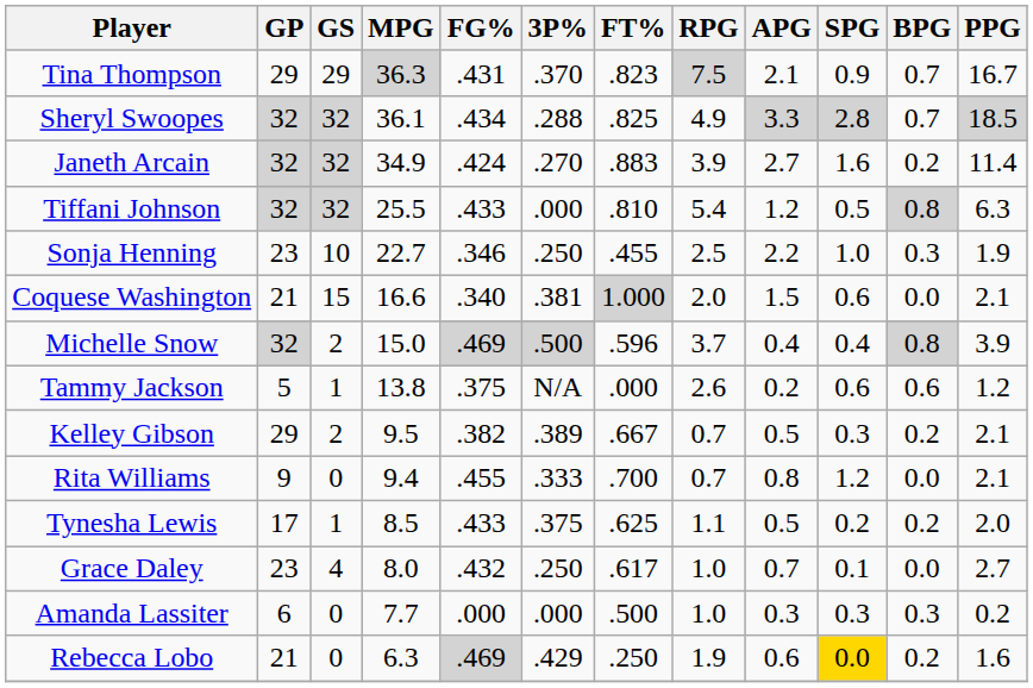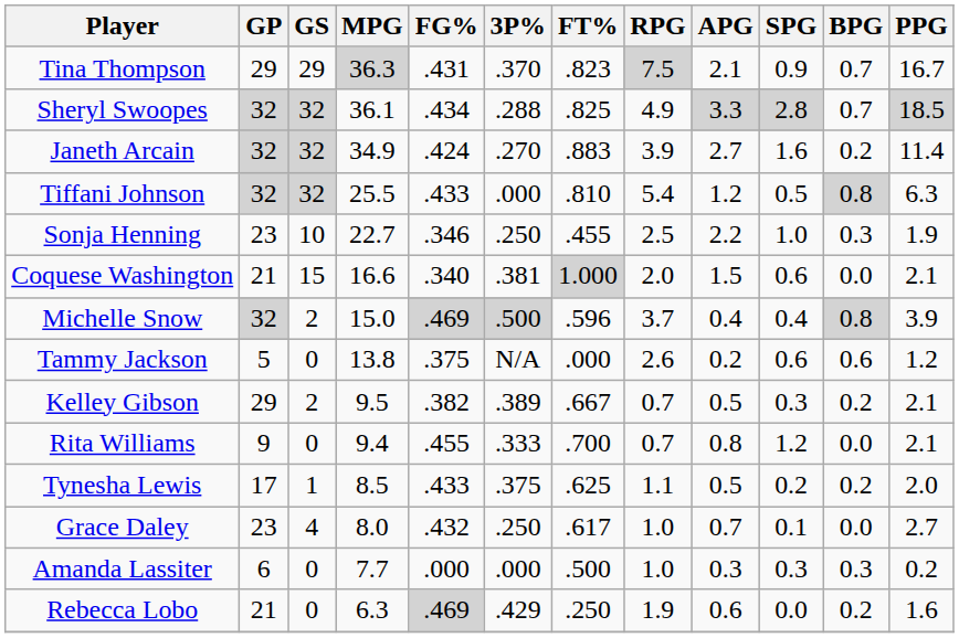 <table class="wikitable sortable" style="text-align:center;">
 <tr>
 <th>Player</th>
 <th>GP</th>
 <th>GS</th>
 <th>MPG</th>
 <th>FG%</th>
 <th>3P%</th>
 <th>FT%</th>
 <th>RPG</th>
 <th>APG</th>
 <th>SPG</th>
 <th>BPG</th>
 <th>PPG</th>
 </tr>
 <tr>
 <td><a href='#'>Tina Thompson</a></td>
 <td>29</td>
 <td>29</td>
 <td style="background:#D3D3D3;">36.3</td>
 <td>.431</td>
 <td>.370</td>
 <td>.823</td>
 <td style="background:#D3D3D3;">7.5</td>
 <td>2.1</td>
 <td>0.9</td>
 <td>0.7</td>
 <td>16.7</td>
 </tr>
 <tr>
 <td><a href='#'>Sheryl Swoopes</a></td>
 <td style="background:#D3D3D3;">32</td>
 <td style="background:#D3D3D3;">32</td>
 <td>36.1</td>
 <td>.434</td>
 <td>.288</td>
 <td>.825</td>
 <td>4.9</td>
 <td style="background:#D3D3D3;">3.3</td>
 <td style="background:#D3D3D3;">2.8</td>
 <td>0.7</td>
 <td style="background:#D3D3D3;">18.5</td>
 </tr>
 <tr>
 <td><a href='#'>Janeth Arcain</a></td>
 <td style="background:#D3D3D3;">32</td>
 <td style="background:#D3D3D3;">32</td>
 <td>34.9</td>
 <td>.424</td>
 <td>.270</td>
 <td>.883</td>
 <td>3.9</td>
 <td>2.7</td>
 <td>1.6</td>
 <td>0.2</td>
 <td>11.4</td>
 </tr>
 <tr>
 <td><a href='#'>Tiffani Johnson</a></td>
 <td style="background:#D3D3D3;">32</td>
 <td style="background:#D3D3D3;">32</td>
 <td>25.5</td>
 <td>.433</td>
 <td>.000</td>
 <td>.810</td>
 <td>5.4</td>
 <td>1.2</td>
 <td>0.5</td>
 <td style="background:#D3D3D3;">0.8</td>
 <td>6.3</td>
 </tr>
 <tr>
 <td><a href='#'>Sonja Henning</a></td>
 <td>23</td>
 <td>10</td>
 <td>22.7</td>
 <td>.346</td>
 <td>.250</td>
 <td>.455</td>
 <td>2.5</td>
 <td>2.2</td>
 <td>1.0</td>
 <td>0.3</td>
 <td>1.9</td>
 </tr>
 <tr>
 <td><a href='#'>Coquese Washington</a></td>
 <td>21</td>
 <td>15</td>
 <td>16.6</td>
 <td>.340</td>
 <td>.381</td>
 <td style="background:#D3D3D3;">1.000</td>
 <td>2.0</td>
 <td>1.5</td>
 <td>0.6</td>
 <td>0.0</td>
 <td>2.1</td>
 </tr>
 <tr>
 <td><a href='#'>Michelle Snow</a></td>
 <td style="background:#D3D3D3;">32</td>
 <td>2</td>
 <td>15.0</td>
 <td style="background:#D3D3D3;">.469</td>
 <td style="background:#D3D3D3;">.500</td>
 <td>.596</td>
 <td>3.7</td>
 <td>0.4</td>
 <td>0.4</td>
 <td style="background:#D3D3D3;">0.8</td>
 <td>3.9</td>
 </tr>
 <tr>
 <td><a href='#'>Tammy Jackson</a></td>
 <td>5</td>
-<td>1</td>
+<td>0</td>
 <td>13.8</td>
 <td>.375</td>
 <td>N/A</td>
 <td>.000</td>
 <td>2.6</td>
 <td>0.2</td>
 <td>0.6</td>
 <td>0.6</td>
 <td>1.2</td>
 </tr>
 <tr>
 <td><a href='#'>Kelley Gibson</a></td>
 <td>29</td>
 <td>2</td>
 <td>9.5</td>
 <td>.382</td>
 <td>.389</td>
 <td>.667</td>
 <td>0.7</td>
 <td>0.5</td>
 <td>0.3</td>
 <td>0.2</td>
 <td>2.1</td>
 </tr>
 <tr>
 <td><a href='#'>Rita Williams</a></td>
 <td>9</td>
 <td>0</td>
 <td>9.4</td>
 <td>.455</td>
 <td>.333</td>
 <td>.700</td>
 <td>0.7</td>
 <td>0.8</td>
 <td>1.2</td>
 <td>0.0</td>
 <td>2.1</td>
 </tr>
 <tr>
 <td><a href='#'>Tynesha Lewis</a></td>
 <td>17</td>
 <td>1</td>
 <td>8.5</td>
 <td>.433</td>
 <td>.375</td>
 <td>.625</td>
 <td>1.1</td>
 <td>0.5</td>
 <td>0.2</td>
 <td>0.2</td>
 <td>2.0</td>
 </tr>
 <tr>
 <td><a href='#'>Grace Daley</a></td>
 <td>23</td>
 <td>4</td>
 <td>8.0</td>
 <td>.432</td>
 <td>.250</td>
 <td>.617</td>
 <td>1.0</td>
 <td>0.7</td>
 <td>0.1</td>
 <td>0.0</td>
 <td>2.7</td>
 </tr>
 <tr>
 <td><a href='#'>Amanda Lassiter</a></td>
 <td>6</td>
 <td>0</td>
 <td>7.7</td>
 <td>.000</td>
 <td>.000</td>
 <td>.500</td>
 <td>1.0</td>
 <td>0.3</td>
 <td>0.3</td>
 <td>0.3</td>
 <td>0.2</td>
 </tr>
 <tr>
 <td><a href='#'>Rebecca Lobo</a></td>
 <td>21</td>
 <td>0</td>
 <td>6.3</td>
 <td style="background:#D3D3D3;">.469</td>
 <td>.429</td>
 <td>.250</td>
 <td>1.9</td>
 <td>0.6</td>
-<td style="background: gold;">0.0</td>
+<td>0.0</td>
 <td>0.2</td>
 <td>1.6</td>
 </tr>
 <tr>
 </tr>
 </table>
